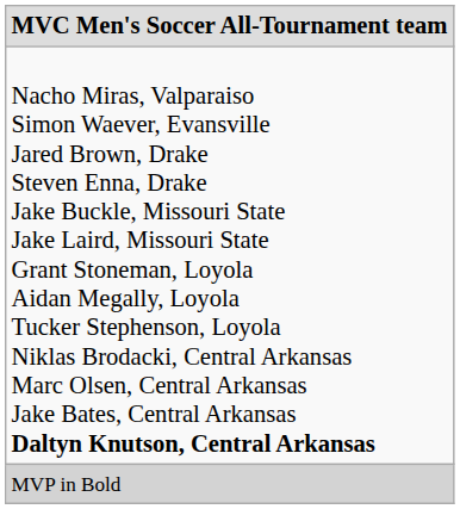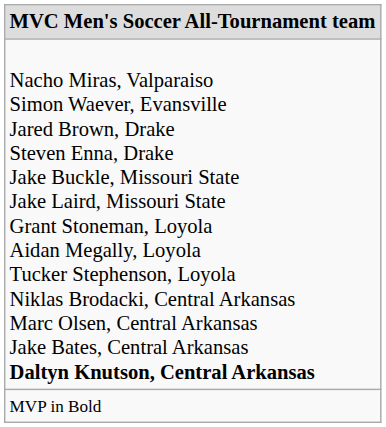 <table class="wikitable" style="white-space:nowrap; font-size:90%;">
 <tr>
 <td colspan="7" style="text-align:center; background:#ddd;"><strong>MVC Men's Soccer All-Tournament team</strong></td>
 </tr>
 <tr>
 <td><br>Nacho Miras, Valparaiso<br> Simon Waever, Evansville<br> Jared Brown, Drake<br> Steven Enna, Drake<br> Jake Buckle, Missouri State<br> Jake Laird, Missouri State<br> Grant Stoneman, Loyola<br> Aidan Megally, Loyola<br> Tucker Stephenson, Loyola<br> Niklas Brodacki, Central Arkansas<br> Marc Olsen, Central Arkansas<br> Jake Bates, Central Arkansas<br> <strong>Daltyn Knutson, Central Arkansas</strong></td>
 </tr>
 <tr>
-<td style="background: lightgrey;"><small>MVP in Bold</small></td>
+<td><small>MVP in Bold</small></td>
 </tr>
 </table>
